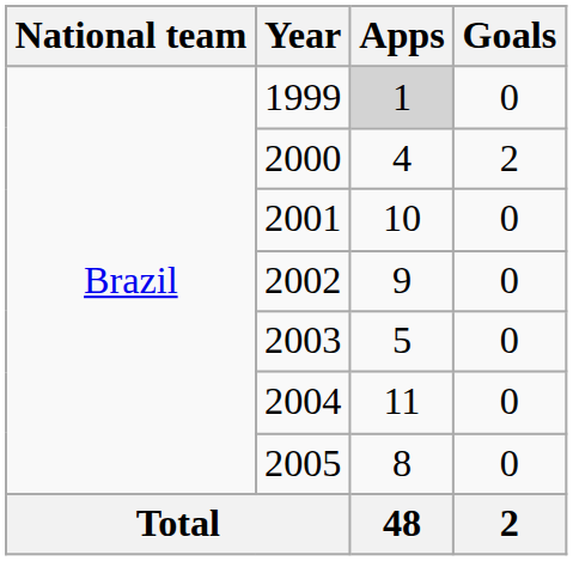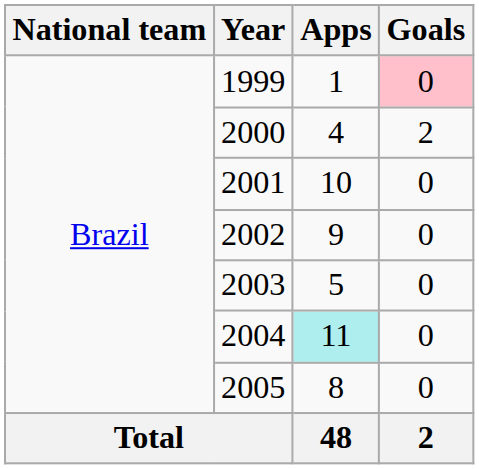 <table class="wikitable" style="text-align:center">
 <tr>
 <th>National team</th>
 <th>Year</th>
 <th>Apps</th>
 <th>Goals</th>
 </tr>
 <tr>
 <td rowspan="7"><a href='#'>Brazil</a></td>
 <td>1999</td>
-<td style="background: lightgrey;">1</td>
-<td>0</td>
+<td>1</td>
+<td style="background: pink;">0</td>
 </tr>
 <tr>
 <td>2000</td>
 <td>4</td>
 <td>2</td>
 </tr>
 <tr>
 <td>2001</td>
 <td>10</td>
 <td>0</td>
 </tr>
 <tr>
 <td>2002</td>
 <td>9</td>
 <td>0</td>
 </tr>
 <tr>
 <td>2003</td>
 <td>5</td>
 <td>0</td>
 </tr>
 <tr>
 <td>2004</td>
-<td>11</td>
+<td style="background: paleturquoise;">11</td>
 <td>0</td>
 </tr>
 <tr>
 <td>2005</td>
 <td>8</td>
 <td>0</td>
 </tr>
 <tr>
 <th colspan="2">Total</th>
 <th>48</th>
 <th>2</th>
 </tr>
 </table>
